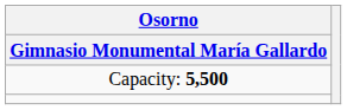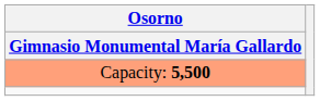 <table class="wikitable floatright" style="text-align:center";>
 <tr>
 <th><a href='#'>Osorno</a></th>
 <th rowspan=4></th>
 </tr>
 <tr>
 <th><a href='#'>Gimnasio Monumental María Gallardo</a></th>
 </tr>
 <tr>
-<td>Capacity: <strong>5,500</strong></td>
+<td style="background: lightsalmon;">Capacity: <strong>5,500</strong></td>
 </tr>
 <tr>
 <td></td>
 </tr>
 </table>
